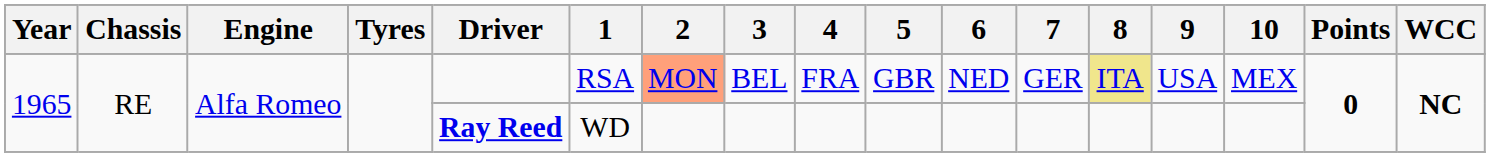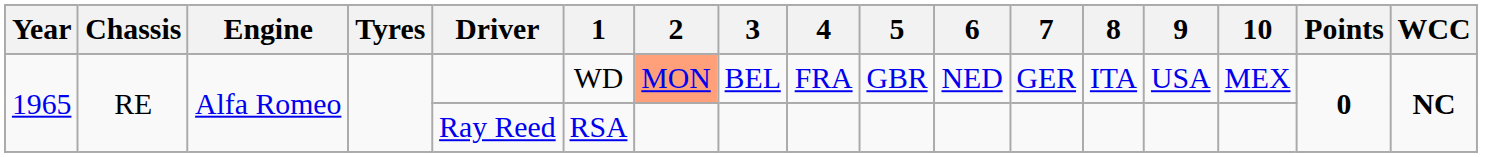 <table class="wikitable" style="text-align:center; font-size:95%">
 <tr>
 <th>Year</th>
 <th>Chassis</th>
 <th>Engine</th>
 <th>Tyres</th>
 <th>Driver</th>
 <th>1</th>
 <th>2</th>
 <th>3</th>
 <th>4</th>
 <th>5</th>
 <th>6</th>
 <th>7</th>
 <th>8</th>
 <th>9</th>
 <th>10</th>
 <th>Points</th>
 <th>WCC</th>
 </tr>
 <tr>
 <td rowspan="2"><a href='#'>1965</a></td>
 <td rowspan="2">RE</td>
 <td rowspan="2"><a href='#'>Alfa Romeo</a></td>
 <td rowspan="2"></td>
 <td></td>
-<td><a href='#'>RSA</a></td>
+<td>WD</td>
 <td style="background: lightsalmon;"><a href='#'>MON</a></td>
 <td><a href='#'>BEL</a></td>
 <td><a href='#'>FRA</a></td>
 <td><a href='#'>GBR</a></td>
 <td><a href='#'>NED</a></td>
 <td><a href='#'>GER</a></td>
-<td style="background: khaki;"><a href='#'>ITA</a></td>
+<td><a href='#'>ITA</a></td>
 <td><a href='#'>USA</a></td>
 <td><a href='#'>MEX</a></td>
 <td rowspan="2"><strong>0</strong></td>
 <td rowspan="2"><strong>NC</strong></td>
 </tr>
 <tr>
-<td><strong><a href='#'>Ray Reed</a></strong></td>
-<td>WD</td>
+<td><a href='#'>Ray Reed</a></td>
+<td><a href='#'>RSA</a></td>
 <td></td>
 <td></td>
 <td></td>
 <td></td>
 <td></td>
 <td></td>
 <td></td>
 <td></td>
 <td></td>
 </tr>
 </table>
